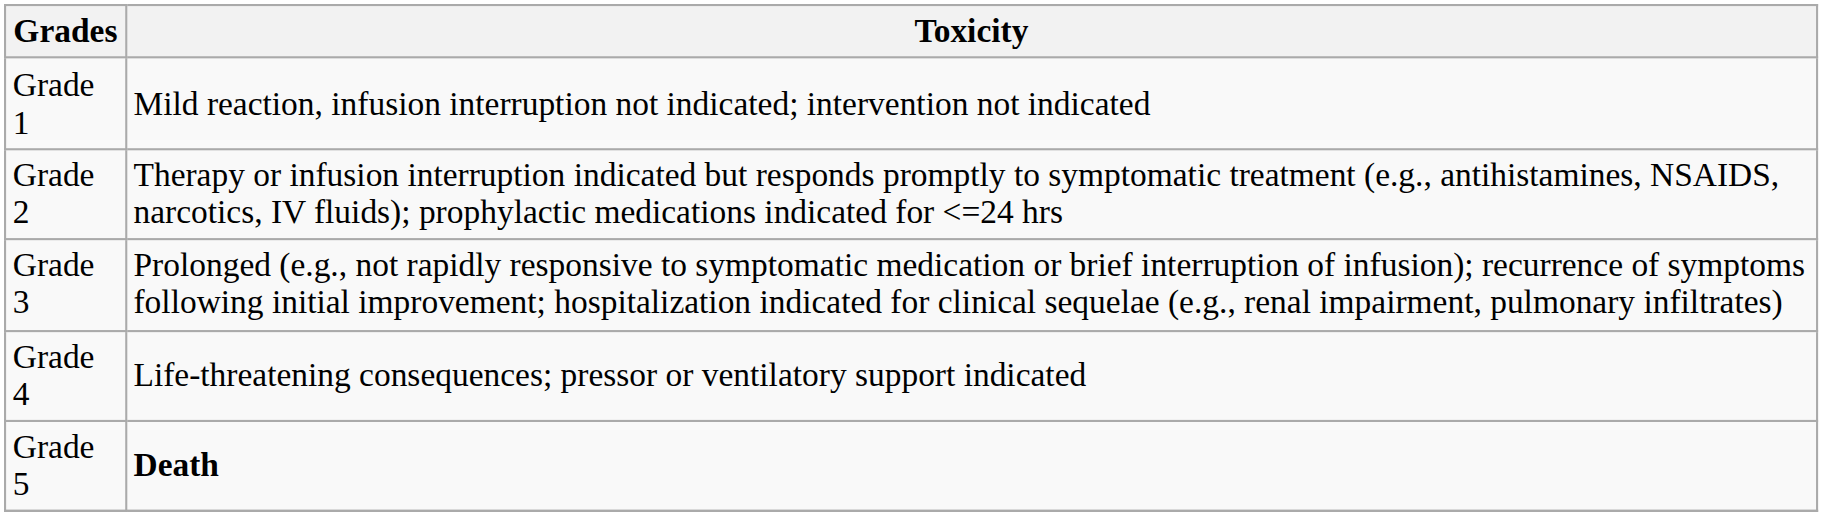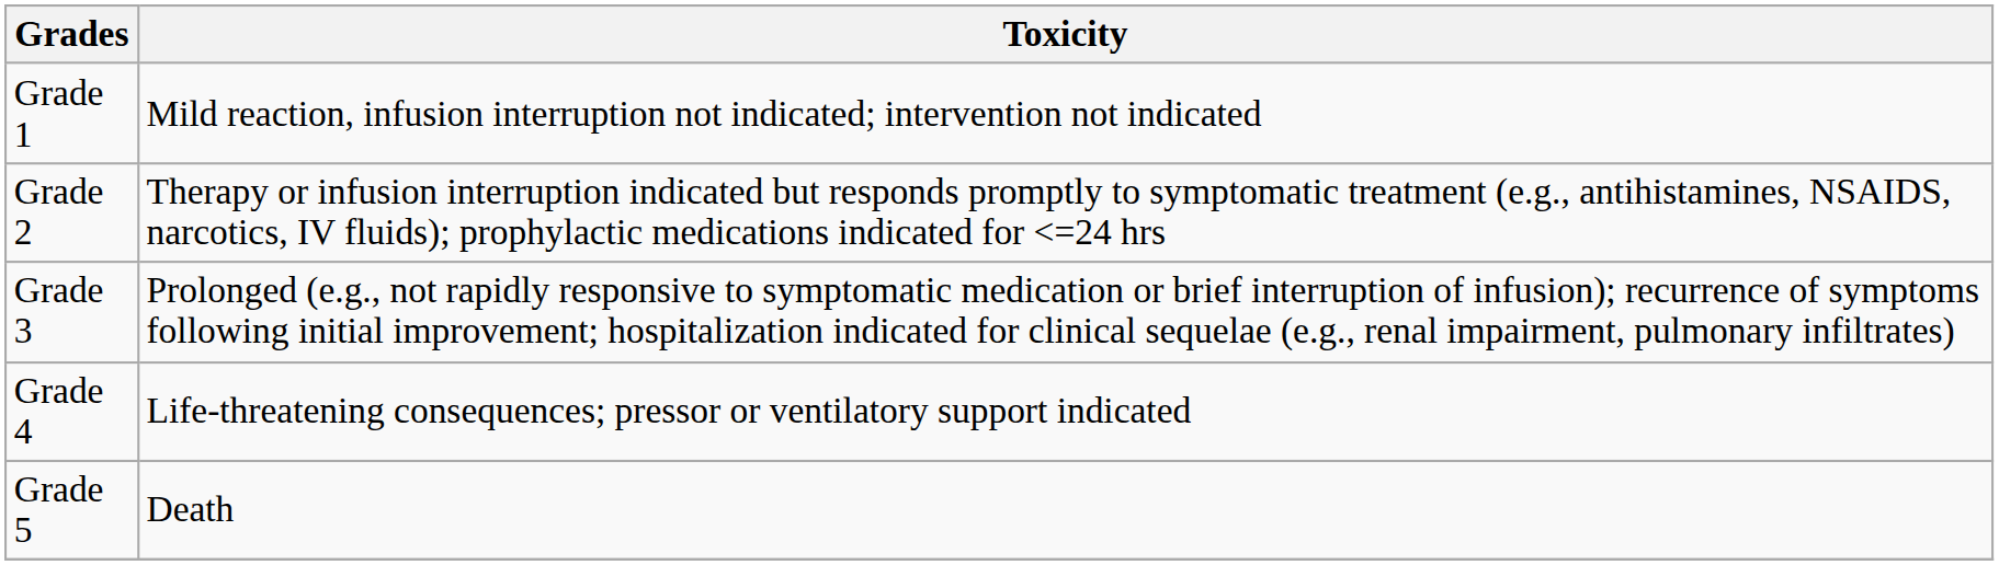 <table class="wikitable">
 <tr>
 <th>Grades</th>
 <th>Toxicity</th>
 </tr>
 <tr>
 <td>Grade 1</td>
 <td>Mild reaction, infusion interruption not indicated; intervention not indicated</td>
 </tr>
 <tr>
 <td>Grade 2</td>
 <td>Therapy or infusion interruption indicated but responds promptly to symptomatic treatment (e.g., antihistamines, NSAIDS, narcotics, IV fluids); prophylactic medications indicated for <=24 hrs</td>
 </tr>
 <tr>
 <td>Grade 3</td>
 <td>Prolonged (e.g., not rapidly responsive to symptomatic medication or brief interruption of infusion); recurrence of symptoms following initial improvement; hospitalization indicated for clinical sequelae (e.g., renal impairment, pulmonary infiltrates)</td>
 </tr>
 <tr>
 <td>Grade 4</td>
 <td>Life-threatening consequences; pressor or ventilatory support indicated</td>
 </tr>
 <tr>
 <td>Grade 5</td>
-<td><strong>Death</strong></td>
+<td>Death</td>
 </tr>
 <tr>
 </tr>
 </table>
